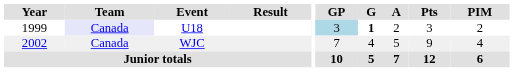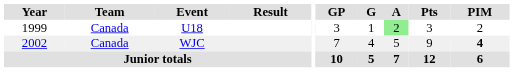 <table border="0" cellpadding="1" cellspacing="0" ID="Table3" style="text-align:center; width:40em">
 <tr ALIGN="center" bgcolor="#e0e0e0">
 <th>Year</th>
 <th>Team</th>
 <th>Event</th>
 <th>Result</th>
 <th rowspan="99" bgcolor="#ffffff"></th>
 <th>GP</th>
 <th>G</th>
 <th>A</th>
 <th>Pts</th>
 <th>PIM</th>
 </tr>
 <tr>
 <td>1999</td>
-<td style="background: lavender;"><a href='#'>Canada</a></td>
+<td><a href='#'>Canada</a></td>
 <td><a href='#'>U18</a></td>
 <td></td>
-<td style="background: lightblue;">3</td>
-<td><strong>1</strong></td>
-<td>2</td>
+<td>3</td>
+<td>1</td>
+<td style="background: lightgreen;">2</td>
 <td>3</td>
 <td>2</td>
 </tr>
 <tr bgcolor="#f0f0f0">
 <td><a href='#'>2002</a></td>
 <td><a href='#'>Canada</a></td>
 <td><a href='#'>WJC</a></td>
 <td></td>
 <td>7</td>
 <td>4</td>
 <td>5</td>
 <td>9</td>
-<td>4</td>
+<td><strong>4</strong></td>
 </tr>
 <tr bgcolor="#e0e0e0">
 <th colspan="4">Junior totals</th>
 <th>10</th>
 <th>5</th>
 <th>7</th>
 <th>12</th>
 <th>6</th>
 </tr>
 </table>
